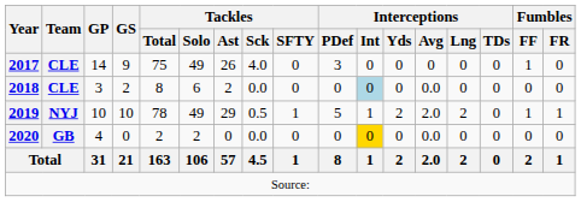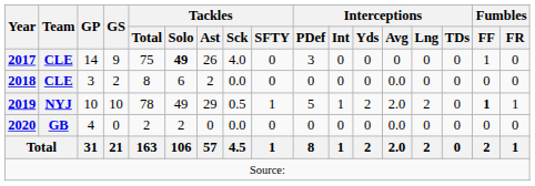 <table class="wikitable" style="text-align: center;">
 <tr>
 <th rowspan=2>Year</th>
 <th rowspan=2>Team</th>
 <th rowspan=2>GP</th>
 <th rowspan=2>GS</th>
 <th colspan=5>Tackles</th>
 <th colspan=6>Interceptions</th>
 <th colspan=2>Fumbles</th>
 </tr>
 <tr>
 <th>Total</th>
 <th>Solo</th>
 <th>Ast</th>
 <th>Sck</th>
 <th>SFTY</th>
 <th>PDef</th>
 <th>Int</th>
 <th>Yds</th>
 <th>Avg</th>
 <th>Lng</th>
 <th>TDs</th>
 <th>FF</th>
 <th>FR</th>
 </tr>
 <tr>
 <th><a href='#'>2017</a></th>
 <th><a href='#'>CLE</a></th>
 <td>14</td>
 <td>9</td>
 <td>75</td>
-<td>49</td>
+<td><strong>49</strong></td>
 <td>26</td>
 <td>4.0</td>
 <td>0</td>
 <td>3</td>
 <td>0</td>
 <td>0</td>
 <td>0</td>
 <td>0</td>
 <td>0</td>
 <td>1</td>
 <td>0</td>
 </tr>
 <tr>
 <th><a href='#'>2018</a></th>
 <th><a href='#'>CLE</a></th>
 <td>3</td>
 <td>2</td>
 <td>8</td>
 <td>6</td>
 <td>2</td>
 <td>0.0</td>
 <td>0</td>
 <td>0</td>
-<td style="background: lightblue;">0</td>
+<td>0</td>
 <td>0</td>
 <td>0.0</td>
 <td>0</td>
 <td>0</td>
 <td>0</td>
 <td>0</td>
 </tr>
 <tr>
 <th><a href='#'>2019</a></th>
 <th><a href='#'>NYJ</a></th>
 <td>10</td>
 <td>10</td>
 <td>78</td>
 <td>49</td>
 <td>29</td>
 <td>0.5</td>
 <td>1</td>
 <td>5</td>
 <td>1</td>
 <td>2</td>
 <td>2.0</td>
 <td>2</td>
 <td>0</td>
-<td>1</td>
+<td><strong>1</strong></td>
 <td>1</td>
 </tr>
 <tr>
 <th><a href='#'>2020</a></th>
 <th><a href='#'>GB</a></th>
 <td>4</td>
 <td>0</td>
 <td>2</td>
 <td>2</td>
 <td>0</td>
 <td>0.0</td>
 <td>0</td>
 <td>0</td>
-<td style="background: gold;">0</td>
+<td>0</td>
 <td>0</td>
 <td>0.0</td>
 <td>0</td>
 <td>0</td>
 <td>0</td>
 <td>0</td>
 </tr>
 <tr>
 <th colspan="2">Total</th>
 <th>31</th>
 <th>21</th>
 <th>163</th>
 <th>106</th>
 <th>57</th>
 <th>4.5</th>
 <th>1</th>
 <th>8</th>
 <th>1</th>
 <th>2</th>
 <th>2.0</th>
 <th>2</th>
 <th>0</th>
 <th>2</th>
 <th>1</th>
 </tr>
 <tr>
 <td colspan="17"><small>Source: </small></td>
 </tr>
 </table>
